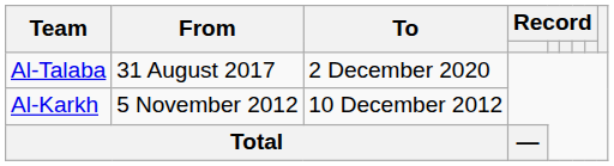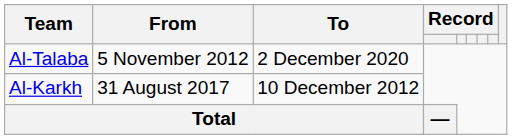 <table class=wikitable style=text-align:center>
 <tr>
 <th rowspan=2>Team</th>
 <th rowspan=2>From</th>
 <th rowspan=2>To</th>
 <th colspan=5>Record</th>
 <th rowspan=2></th>
 </tr>
 <tr>
 <th></th>
 <th></th>
 <th></th>
 <th></th>
 <th></th>
 </tr>
 <tr>
 <td align=left><a href='#'>Al-Talaba</a></td>
-<td align=left>31 August 2017</td>
+<td align=left>5 November 2012</td>
 <td align=left>2 December 2020<br></td>
 </tr>
 <tr>
 <td align=left><a href='#'>Al-Karkh</a></td>
-<td align=left>5 November 2012</td>
+<td align=left>31 August 2017</td>
 <td align=left>10 December 2012<br></td>
 </tr>
 <tr>
 <th colspan=3>Total<br></th>
 <th>—</th>
 </tr>
 </table>
